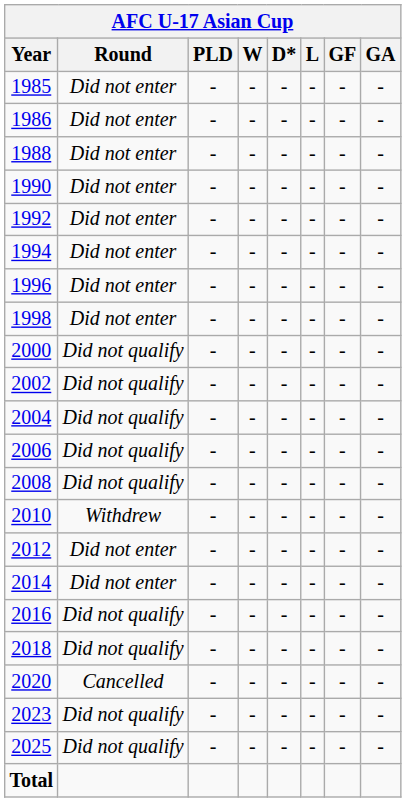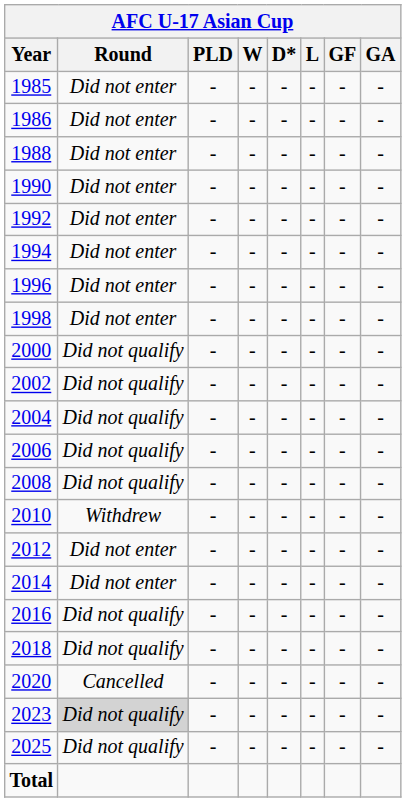 <table class="wikitable" style="text-align: center;font-size:90%;">
 <tr>
 <th colspan=9><a href='#'>AFC U-17 Asian Cup</a></th>
 </tr>
 <tr>
 <th>Year</th>
 <th>Round</th>
 <th>PLD</th>
 <th>W</th>
 <th>D*</th>
 <th>L</th>
 <th>GF</th>
 <th>GA</th>
 </tr>
 <tr>
 <td> <a href='#'>1985</a></td>
 <td><em>Did not enter</em></td>
 <td>-</td>
 <td>-</td>
 <td>-</td>
 <td>-</td>
 <td>-</td>
 <td>-</td>
 </tr>
 <tr>
 <td> <a href='#'>1986</a></td>
 <td><em>Did not enter</em></td>
 <td>-</td>
 <td>-</td>
 <td>-</td>
 <td>-</td>
 <td>-</td>
 <td>-</td>
 </tr>
 <tr>
 <td> <a href='#'>1988</a></td>
 <td><em>Did not enter</em></td>
 <td>-</td>
 <td>-</td>
 <td>-</td>
 <td>-</td>
 <td>-</td>
 <td>-</td>
 </tr>
 <tr>
 <td> <a href='#'>1990</a></td>
 <td><em>Did not enter</em></td>
 <td>-</td>
 <td>-</td>
 <td>-</td>
 <td>-</td>
 <td>-</td>
 <td>-</td>
 </tr>
 <tr>
 <td> <a href='#'>1992</a></td>
 <td><em>Did not enter</em></td>
 <td>-</td>
 <td>-</td>
 <td>-</td>
 <td>-</td>
 <td>-</td>
 <td>-</td>
 </tr>
 <tr>
 <td> <a href='#'>1994</a></td>
 <td><em>Did not enter</em></td>
 <td>-</td>
 <td>-</td>
 <td>-</td>
 <td>-</td>
 <td>-</td>
 <td>-</td>
 </tr>
 <tr>
 <td> <a href='#'>1996</a></td>
 <td><em>Did not enter</em></td>
 <td>-</td>
 <td>-</td>
 <td>-</td>
 <td>-</td>
 <td>-</td>
 <td>-</td>
 </tr>
 <tr>
 <td> <a href='#'>1998</a></td>
 <td><em>Did not enter</em></td>
 <td>-</td>
 <td>-</td>
 <td>-</td>
 <td>-</td>
 <td>-</td>
 <td>-</td>
 </tr>
 <tr>
 <td> <a href='#'>2000</a></td>
 <td><em>Did not qualify</em></td>
 <td>-</td>
 <td>-</td>
 <td>-</td>
 <td>-</td>
 <td>-</td>
 <td>-</td>
 </tr>
 <tr>
 <td> <a href='#'>2002</a></td>
 <td><em>Did not qualify</em></td>
 <td>-</td>
 <td>-</td>
 <td>-</td>
 <td>-</td>
 <td>-</td>
 <td>-</td>
 </tr>
 <tr>
 <td> <a href='#'>2004</a></td>
 <td><em>Did not qualify</em></td>
 <td>-</td>
 <td>-</td>
 <td>-</td>
 <td>-</td>
 <td>-</td>
 <td>-</td>
 </tr>
 <tr>
 <td> <a href='#'>2006</a></td>
 <td><em>Did not qualify</em></td>
 <td>-</td>
 <td>-</td>
 <td>-</td>
 <td>-</td>
 <td>-</td>
 <td>-</td>
 </tr>
 <tr>
 <td> <a href='#'>2008</a></td>
 <td><em>Did not qualify</em></td>
 <td>-</td>
 <td>-</td>
 <td>-</td>
 <td>-</td>
 <td>-</td>
 <td>-</td>
 </tr>
 <tr>
 <td> <a href='#'>2010</a></td>
 <td><em>Withdrew</em></td>
 <td>-</td>
 <td>-</td>
 <td>-</td>
 <td>-</td>
 <td>-</td>
 <td>-</td>
 </tr>
 <tr>
 <td> <a href='#'>2012</a></td>
 <td><em>Did not enter</em></td>
 <td>-</td>
 <td>-</td>
 <td>-</td>
 <td>-</td>
 <td>-</td>
 <td>-</td>
 </tr>
 <tr>
 <td> <a href='#'>2014</a></td>
 <td><em>Did not enter</em></td>
 <td>-</td>
 <td>-</td>
 <td>-</td>
 <td>-</td>
 <td>-</td>
 <td>-</td>
 </tr>
 <tr>
 <td> <a href='#'>2016</a></td>
 <td><em>Did not qualify</em></td>
 <td>-</td>
 <td>-</td>
 <td>-</td>
 <td>-</td>
 <td>-</td>
 <td>-</td>
 </tr>
 <tr>
 <td> <a href='#'>2018</a></td>
 <td><em>Did not qualify</em></td>
 <td>-</td>
 <td>-</td>
 <td>-</td>
 <td>-</td>
 <td>-</td>
 <td>-</td>
 </tr>
 <tr>
 <td> <a href='#'>2020</a></td>
 <td><em>Cancelled</em></td>
 <td>-</td>
 <td>-</td>
 <td>-</td>
 <td>-</td>
 <td>-</td>
 <td>-</td>
 </tr>
 <tr>
 <td> <a href='#'>2023</a></td>
-<td><em>Did not qualify</em></td>
+<td style="background: lightgrey;"><em>Did not qualify</em></td>
 <td>-</td>
 <td>-</td>
 <td>-</td>
 <td>-</td>
 <td>-</td>
 <td>-</td>
 </tr>
 <tr>
 <td> <a href='#'>2025</a></td>
 <td><em>Did not qualify</em></td>
 <td>-</td>
 <td>-</td>
 <td>-</td>
 <td>-</td>
 <td>-</td>
 <td>-</td>
 </tr>
 <tr>
 <td><strong>Total</strong></td>
 <td></td>
 <td></td>
 <td></td>
 <td></td>
 <td></td>
 <td></td>
 <td></td>
 </tr>
 </table>
